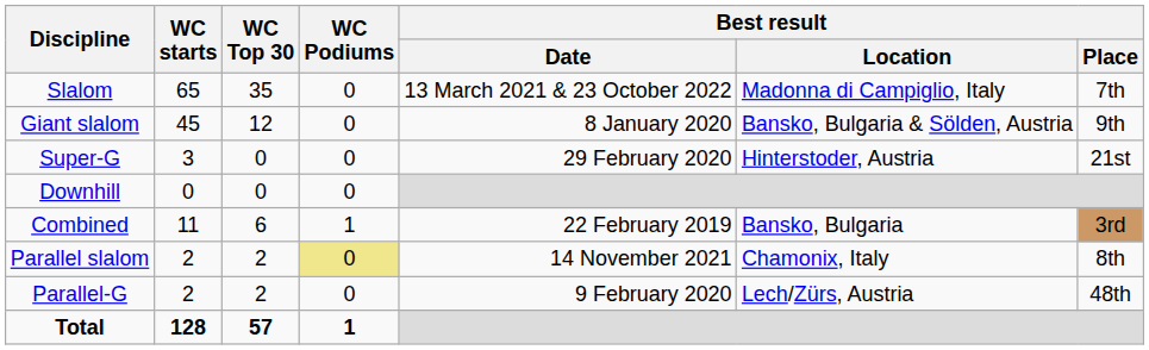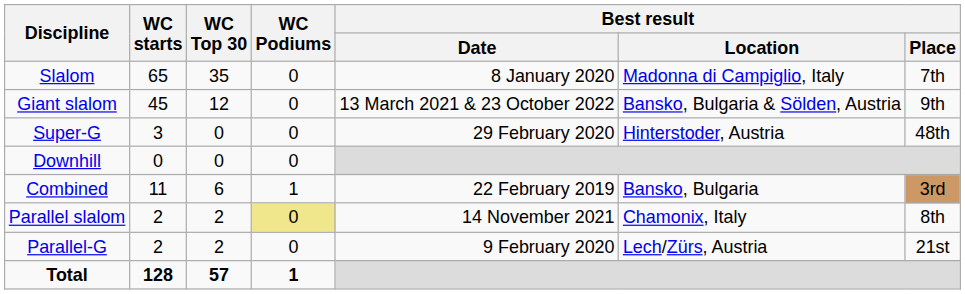 <table class="wikitable" style="text-align:center; font-size:95%;">
 <tr>
 <th rowspan=2>Discipline</th>
 <th rowspan=2>WC<br>starts</th>
 <th rowspan=2>WC<br>Top 30</th>
 <th rowspan=2>WC<br>Podiums</th>
 <th colspan=3>Best result</th>
 </tr>
 <tr>
 <th>Date</th>
 <th>Location</th>
 <th>Place</th>
 </tr>
 <tr>
 <td align=center><a href='#'>Slalom</a></td>
 <td align=center>65</td>
 <td align=center>35</td>
 <td align=center>0</td>
-<td align=right>13 March 2021 & 23 October 2022</td>
+<td align=right>8 January 2020</td>
 <td align=left> <a href='#'>Madonna di Campiglio</a>, Italy</td>
 <td>7th</td>
 </tr>
 <tr>
 <td align=center><a href='#'>Giant slalom</a></td>
 <td align=center>45</td>
 <td align=center>12</td>
 <td align=center>0</td>
-<td align=right>8 January 2020</td>
+<td align=right>13 March 2021 & 23 October 2022</td>
 <td align=left> <a href='#'>Bansko</a>, Bulgaria &  <a href='#'>Sölden</a>, Austria</td>
 <td>9th</td>
 </tr>
 <tr>
 <td align=center><a href='#'>Super-G</a></td>
 <td align=center>3</td>
 <td align=center>0</td>
 <td align=center>0</td>
 <td align=right>29 February 2020</td>
 <td align=left> <a href='#'>Hinterstoder</a>, Austria</td>
-<td>21st</td>
+<td>48th</td>
 </tr>
 <tr>
 <td align=center><a href='#'>Downhill</a></td>
 <td align=center>0</td>
 <td align=center>0</td>
 <td align=center>0</td>
 <td colspan=3 bgcolor=#DCDCDC></td>
 </tr>
 <tr>
 <td align=center><a href='#'>Combined</a></td>
 <td align=center>11</td>
 <td align=center>6</td>
 <td align=center>1</td>
 <td align=right>22 February 2019</td>
 <td align=left> <a href='#'>Bansko</a>, Bulgaria</td>
 <td bgcolor="cc9966">3rd</td>
 </tr>
 <tr>
 <td align=center><a href='#'>Parallel slalom</a></td>
 <td align=center>2</td>
 <td align=center>2</td>
 <td align=center style="background: khaki;">0</td>
 <td align=right>14 November 2021</td>
 <td align=left> <a href='#'>Chamonix</a>, Italy</td>
 <td>8th</td>
 </tr>
 <tr>
 <td align=center><a href='#'>Parallel-G</a></td>
 <td align=center>2</td>
 <td align=center>2</td>
 <td align=center>0</td>
 <td align=right>9 February 2020</td>
 <td align=left> <a href='#'>Lech</a>/<a href='#'>Zürs</a>, Austria</td>
-<td>48th</td>
+<td>21st</td>
 </tr>
 <tr>
 <td align=center><strong>Total</strong></td>
 <td align=center><strong>128</strong></td>
 <td align=center><strong>57</strong></td>
 <td align=center><strong>1</strong></td>
 <td colspan=3 bgcolor=#DCDCDC></td>
 </tr>
 </table>
